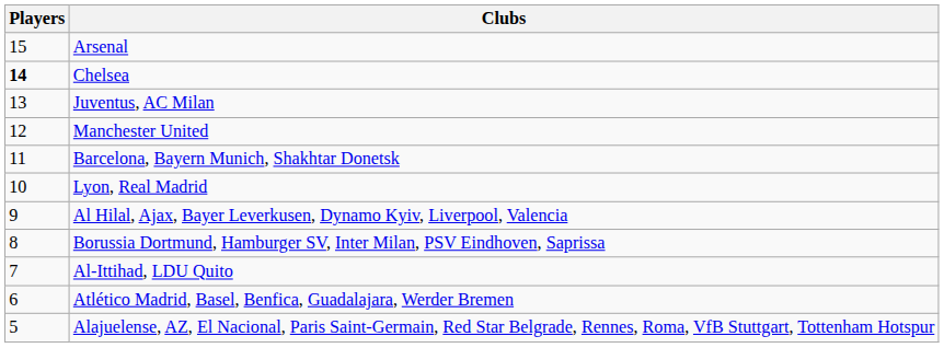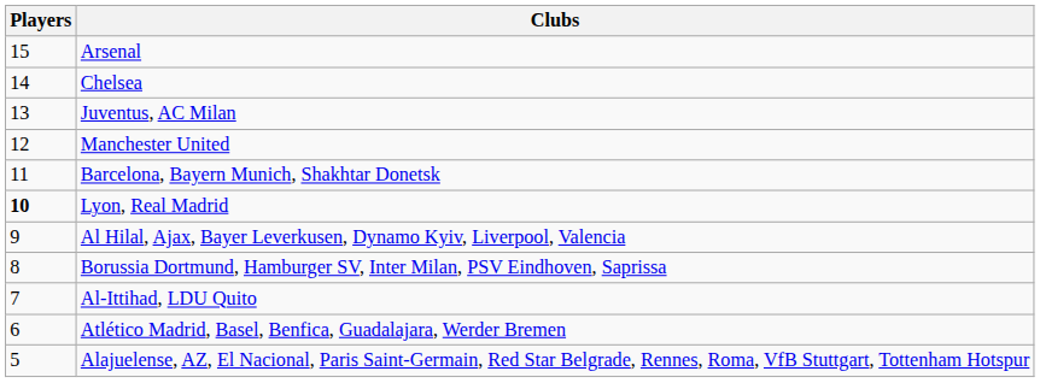 <table class="wikitable">
 <tr>
 <th>Players</th>
 <th>Clubs</th>
 </tr>
 <tr>
 <td>15</td>
 <td> <a href='#'>Arsenal</a></td>
 </tr>
 <tr>
-<td><strong>14</strong></td>
+<td>14</td>
 <td> <a href='#'>Chelsea</a></td>
 </tr>
 <tr>
 <td>13</td>
 <td> <a href='#'>Juventus</a>,  <a href='#'>AC Milan</a></td>
 </tr>
 <tr>
 <td>12</td>
 <td> <a href='#'>Manchester United</a></td>
 </tr>
 <tr>
 <td>11</td>
 <td> <a href='#'>Barcelona</a>,  <a href='#'>Bayern Munich</a>,  <a href='#'>Shakhtar Donetsk</a></td>
 </tr>
 <tr>
-<td>10</td>
+<td><strong>10</strong></td>
 <td> <a href='#'>Lyon</a>,  <a href='#'>Real Madrid</a></td>
 </tr>
 <tr>
 <td>9</td>
 <td> <a href='#'>Al Hilal</a>,  <a href='#'>Ajax</a>,  <a href='#'>Bayer Leverkusen</a>,  <a href='#'>Dynamo Kyiv</a>,  <a href='#'>Liverpool</a>,  <a href='#'>Valencia</a></td>
 </tr>
 <tr>
 <td>8</td>
 <td> <a href='#'>Borussia Dortmund</a>,  <a href='#'>Hamburger SV</a>,  <a href='#'>Inter Milan</a>,  <a href='#'>PSV Eindhoven</a>,  <a href='#'>Saprissa</a></td>
 </tr>
 <tr>
 <td>7</td>
 <td> <a href='#'>Al-Ittihad</a>,  <a href='#'>LDU Quito</a></td>
 </tr>
 <tr>
 <td>6</td>
 <td> <a href='#'>Atlético Madrid</a>,  <a href='#'>Basel</a>,  <a href='#'>Benfica</a>,  <a href='#'>Guadalajara</a>,  <a href='#'>Werder Bremen</a></td>
 </tr>
 <tr>
 <td>5</td>
 <td> <a href='#'>Alajuelense</a>,  <a href='#'>AZ</a>,  <a href='#'>El Nacional</a>,  <a href='#'>Paris Saint-Germain</a>,  <a href='#'>Red Star Belgrade</a>,  <a href='#'>Rennes</a>,  <a href='#'>Roma</a>,  <a href='#'>VfB Stuttgart</a>,  <a href='#'>Tottenham Hotspur</a></td>
 </tr>
 </table>
